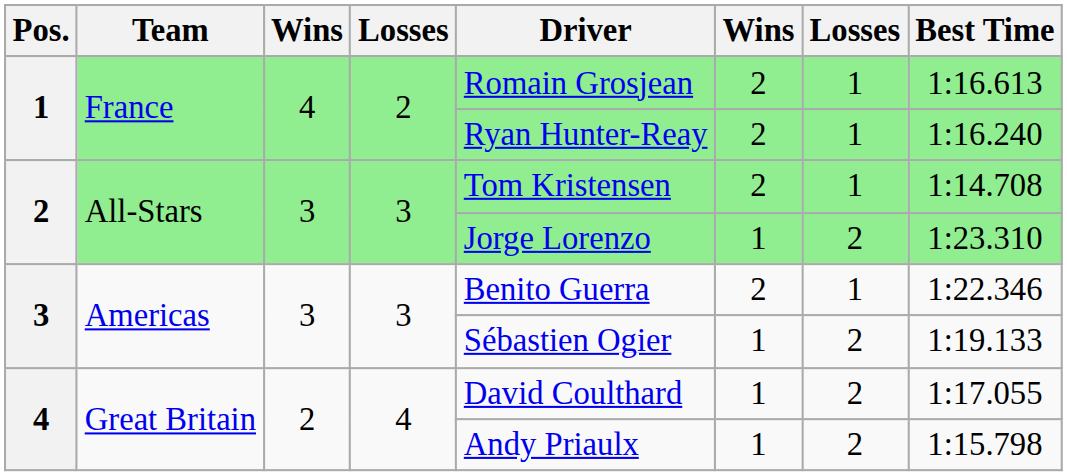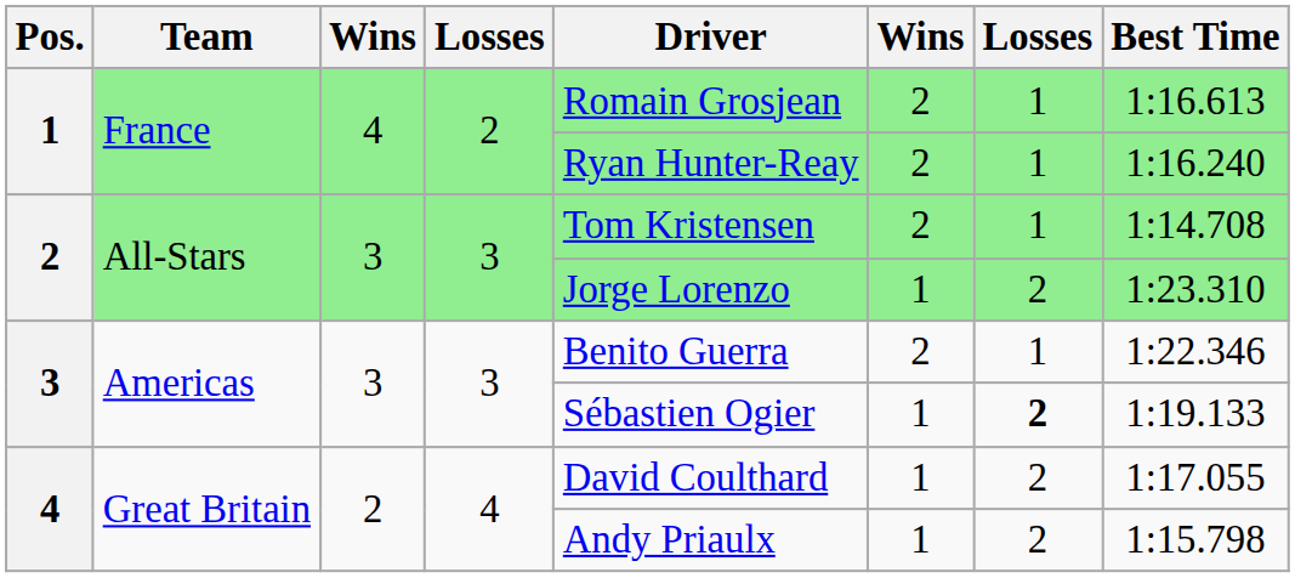 <table class="wikitable">
 <tr>
 <th>Pos.</th>
 <th>Team</th>
 <th>Wins</th>
 <th>Losses</th>
 <th>Driver</th>
 <th>Wins</th>
 <th>Losses</th>
 <th>Best Time</th>
 </tr>
 <tr style="background:lightgreen;">
 <th rowspan=2>1</th>
 <td rowspan=2> <a href='#'>France</a></td>
 <td rowspan="2" style="text-align:center;">4</td>
 <td rowspan="2" style="text-align:center;">2</td>
 <td> <a href='#'>Romain Grosjean</a></td>
 <td style="text-align:center;">2</td>
 <td style="text-align:center;">1</td>
 <td style="text-align:center;">1:16.613</td>
 </tr>
 <tr style="background:lightgreen;">
 <td> <a href='#'>Ryan Hunter-Reay</a></td>
 <td style="text-align:center;">2</td>
 <td style="text-align:center;">1</td>
 <td style="text-align:center;">1:16.240</td>
 </tr>
 <tr style="background:lightgreen;">
 <th rowspan=2>2</th>
 <td rowspan=2> All-Stars</td>
 <td rowspan="2" style="text-align:center;">3</td>
 <td rowspan="2" style="text-align:center;">3</td>
 <td> <a href='#'>Tom Kristensen</a></td>
 <td style="text-align:center;">2</td>
 <td style="text-align:center;">1</td>
 <td style="text-align:center;">1:14.708</td>
 </tr>
 <tr style="background:lightgreen;">
 <td> <a href='#'>Jorge Lorenzo</a></td>
 <td style="text-align:center;">1</td>
 <td style="text-align:center;">2</td>
 <td style="text-align:center;">1:23.310</td>
 </tr>
 <tr>
 <th rowspan=2>3</th>
 <td rowspan=2> <a href='#'>Americas</a></td>
 <td rowspan="2" style="text-align:center;">3</td>
 <td rowspan="2" style="text-align:center;">3</td>
 <td> <a href='#'>Benito Guerra</a></td>
 <td style="text-align:center;">2</td>
 <td style="text-align:center;">1</td>
 <td style="text-align:center;">1:22.346</td>
 </tr>
 <tr>
 <td> <a href='#'>Sébastien Ogier</a></td>
 <td style="text-align:center;">1</td>
-<td style="text-align:center;">2</td>
+<td style="text-align:center;"><strong>2</strong></td>
 <td style="text-align:center;">1:19.133</td>
 </tr>
 <tr>
 <th rowspan=2>4</th>
 <td rowspan=2> <a href='#'>Great Britain</a></td>
 <td rowspan="2" style="text-align:center;">2</td>
 <td rowspan="2" style="text-align:center;">4</td>
 <td> <a href='#'>David Coulthard</a></td>
 <td style="text-align:center;">1</td>
 <td style="text-align:center;">2</td>
 <td style="text-align:center;">1:17.055</td>
 </tr>
 <tr>
 <td> <a href='#'>Andy Priaulx</a></td>
 <td style="text-align:center;">1</td>
 <td style="text-align:center;">2</td>
 <td style="text-align:center;">1:15.798</td>
 </tr>
 </table>
